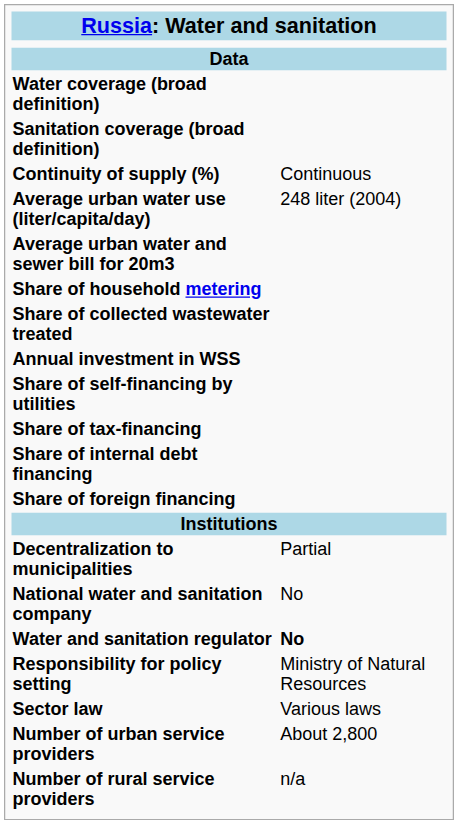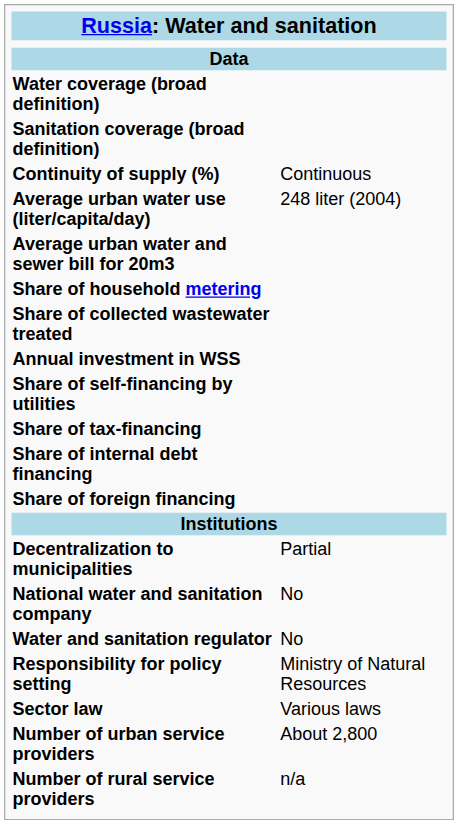 <table style="width: 25em; font-size: 90%; text-align: left;" class="infobox">
 <tr>
 <th align="center" bgcolor="lightblue" colspan="2"><big><a href='#'>Russia</a>: Water and sanitation</big></th>
 </tr>
 <tr>
 <td colspan="2" style="text-align:center"></td>
 </tr>
 <tr>
 <th align="center" bgcolor="lightblue" colspan="3">Data</th>
 </tr>
 <tr>
 <th align="left" valign="top">Water coverage (broad definition)</th>
 <td valign="top"></td>
 </tr>
 <tr>
 <th align="left" valign="top">Sanitation coverage (broad definition)</th>
 <td valign="top"></td>
 </tr>
 <tr>
 <th align="left" valign="top">Continuity of supply (%)</th>
 <td valign="top">Continuous</td>
 </tr>
 <tr>
 <th align="left" valign="top">Average urban water use (liter/capita/day)</th>
 <td valign="top">248 liter (2004)</td>
 </tr>
 <tr>
 <th align="left" valign="top">Average urban water and sewer bill for 20m3</th>
 <td valign="top"></td>
 </tr>
 <tr>
 <th align="left" valign="top">Share of household <a href='#'>metering</a></th>
 <td valign="top"></td>
 </tr>
 <tr>
 <th align="left" valign="top">Share of collected wastewater treated</th>
 <td valign="top"></td>
 </tr>
 <tr>
 <th align="left" valign="top">Annual investment in WSS</th>
 <td valign="top"></td>
 </tr>
 <tr>
 <th align="left" valign="top">Share of self-financing by utilities</th>
 <td valign="top"></td>
 </tr>
 <tr>
 <th align="left" valign="top">Share of tax-financing</th>
 <td valign="top"></td>
 </tr>
 <tr>
 <th align="left" valign="top">Share of internal debt financing</th>
 <td valign="top"></td>
 </tr>
 <tr>
 <th align="left" valign="top">Share of foreign financing</th>
 <td valign="top"></td>
 </tr>
 <tr>
 <th align="center" bgcolor="lightblue" colspan="3">Institutions</th>
 </tr>
 <tr>
 <th align="left" valign="top">Decentralization to municipalities</th>
 <td valign="top">Partial</td>
 </tr>
 <tr>
 <th align="left" valign="top">National water and sanitation company</th>
 <td valign="top">No</td>
 </tr>
 <tr>
 <th align="left" valign="top">Water and sanitation regulator</th>
-<td valign="top"><strong>No</strong></td>
+<td valign="top">No</td>
 </tr>
 <tr>
 <th align="left" valign="top">Responsibility for policy setting</th>
 <td valign="top">Ministry of Natural Resources</td>
 </tr>
 <tr>
 <th align="left" valign="top">Sector law</th>
 <td valign="top">Various laws</td>
 </tr>
 <tr>
 <th align="left" valign="top">Number of urban service providers</th>
 <td valign="top">About 2,800</td>
 </tr>
 <tr>
 <th align="left" valign="top">Number of rural service providers</th>
 <td valign="top">n/a</td>
 </tr>
 <tr>
 </tr>
 </table>
